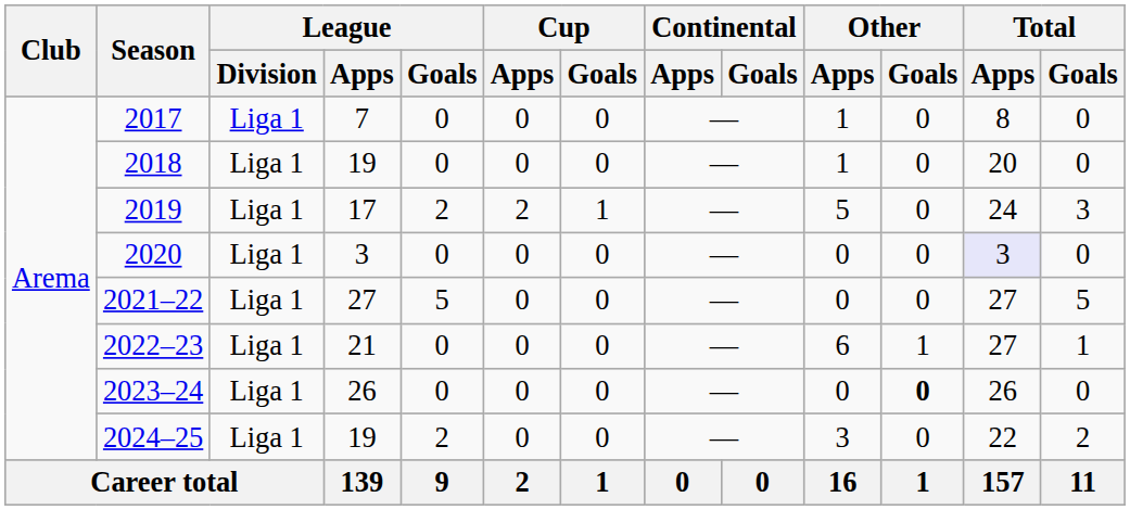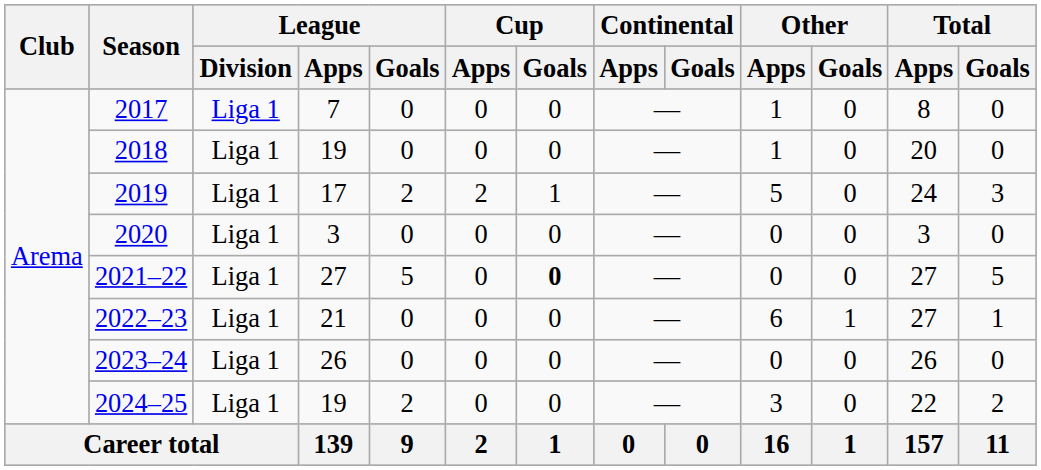 <table class="wikitable" style="text-align:center">
 <tr>
 <th rowspan="2">Club</th>
 <th rowspan="2">Season</th>
 <th colspan="3">League</th>
 <th colspan="2">Cup</th>
 <th colspan="2">Continental</th>
 <th colspan="2">Other</th>
 <th colspan="2">Total</th>
 </tr>
 <tr>
 <th>Division</th>
 <th>Apps</th>
 <th>Goals</th>
 <th>Apps</th>
 <th>Goals</th>
 <th>Apps</th>
 <th>Goals</th>
 <th>Apps</th>
 <th>Goals</th>
 <th>Apps</th>
 <th>Goals</th>
 </tr>
 <tr>
 <td rowspan="8" valign="center"><a href='#'>Arema</a></td>
 <td><a href='#'>2017</a></td>
 <td rowspan="1" valign="center"><a href='#'>Liga 1</a></td>
 <td>7</td>
 <td>0</td>
 <td>0</td>
 <td>0</td>
 <td colspan=2>—</td>
 <td>1</td>
 <td>0</td>
 <td>8</td>
 <td>0</td>
 </tr>
 <tr>
 <td><a href='#'>2018</a></td>
 <td rowspan="1" valign="center">Liga 1</td>
 <td>19</td>
 <td>0</td>
 <td>0</td>
 <td>0</td>
 <td colspan=2>—</td>
 <td>1</td>
 <td>0</td>
 <td>20</td>
 <td>0</td>
 </tr>
 <tr>
 <td><a href='#'>2019</a></td>
 <td rowspan="1" valign="center">Liga 1</td>
 <td>17</td>
 <td>2</td>
 <td>2</td>
 <td>1</td>
 <td colspan=2>—</td>
 <td>5</td>
 <td>0</td>
 <td>24</td>
 <td>3</td>
 </tr>
 <tr>
 <td><a href='#'>2020</a></td>
 <td rowspan="1" valign="center">Liga 1</td>
 <td>3</td>
 <td>0</td>
 <td>0</td>
 <td>0</td>
 <td colspan=2>—</td>
 <td>0</td>
 <td>0</td>
-<td style="background: lavender;">3</td>
+<td>3</td>
 <td>0</td>
 </tr>
 <tr>
 <td><a href='#'>2021–22</a></td>
 <td rowspan="1" valign="center">Liga 1</td>
 <td>27</td>
 <td>5</td>
 <td>0</td>
-<td>0</td>
+<td><strong>0</strong></td>
 <td colspan=2>—</td>
 <td>0</td>
 <td>0</td>
 <td>27</td>
 <td>5</td>
 </tr>
 <tr>
 <td><a href='#'>2022–23</a></td>
 <td rowspan="1" valign="center">Liga 1</td>
 <td>21</td>
 <td>0</td>
 <td>0</td>
 <td>0</td>
 <td colspan=2>—</td>
 <td>6</td>
 <td>1</td>
 <td>27</td>
 <td>1</td>
 </tr>
 <tr>
 <td><a href='#'>2023–24</a></td>
 <td>Liga 1</td>
 <td>26</td>
 <td>0</td>
 <td>0</td>
 <td>0</td>
 <td colspan="2">—</td>
 <td>0</td>
-<td><strong>0</strong></td>
+<td>0</td>
 <td>26</td>
 <td>0</td>
 </tr>
 <tr>
 <td><a href='#'>2024–25</a></td>
 <td>Liga 1</td>
 <td>19</td>
 <td>2</td>
 <td>0</td>
 <td>0</td>
 <td colspan="2">—</td>
 <td>3</td>
 <td>0</td>
 <td>22</td>
 <td>2</td>
 </tr>
 <tr>
 <th colspan="3">Career total</th>
 <th>139</th>
 <th>9</th>
 <th>2</th>
 <th>1</th>
 <th>0</th>
 <th>0</th>
 <th>16</th>
 <th>1</th>
 <th>157</th>
 <th>11</th>
 </tr>
 </table>
